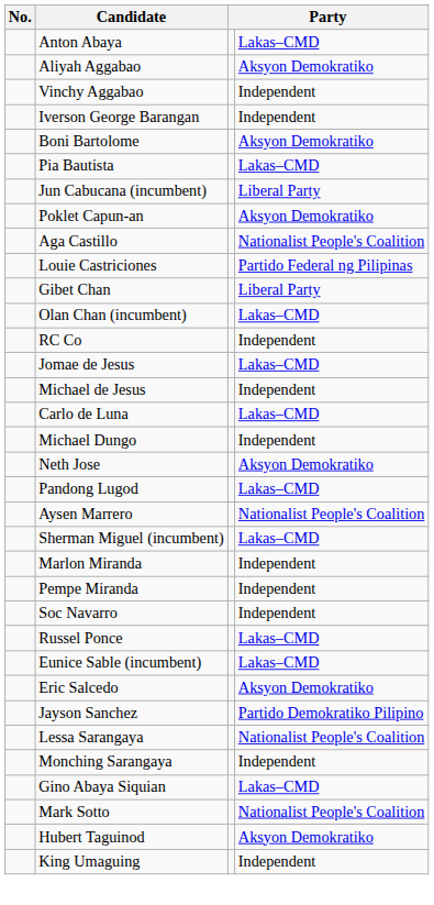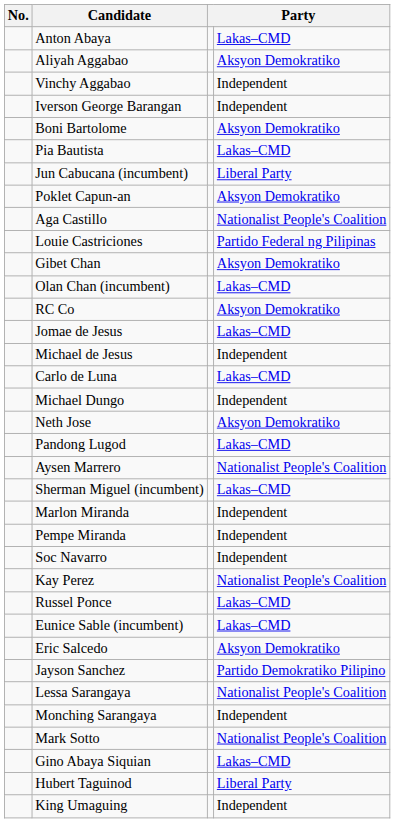 <table class="wikitable sortable" style="text-align:left;">
 <tr>
 <th>No.</th>
 <th>Candidate</th>
 <th colspan="2">Party</th>
 </tr>
 <tr>
 <td></td>
 <td>Anton Abaya</td>
 <td></td>
 <td><a href='#'>Lakas–CMD</a></td>
 </tr>
 <tr>
 <td></td>
 <td>Aliyah Aggabao</td>
 <td></td>
 <td><a href='#'>Aksyon Demokratiko</a></td>
 </tr>
 <tr>
 <td></td>
 <td>Vinchy Aggabao</td>
 <td></td>
 <td>Independent</td>
 </tr>
 <tr>
 <td></td>
 <td>Iverson George Barangan</td>
 <td></td>
 <td>Independent</td>
 </tr>
 <tr>
 <td></td>
 <td>Boni Bartolome</td>
 <td></td>
 <td><a href='#'>Aksyon Demokratiko</a></td>
 </tr>
 <tr>
 <td></td>
 <td>Pia Bautista</td>
 <td></td>
 <td><a href='#'>Lakas–CMD</a></td>
 </tr>
 <tr>
 <td></td>
 <td>Jun Cabucana (incumbent)</td>
 <td></td>
 <td><a href='#'>Liberal Party</a></td>
 </tr>
 <tr>
 <td></td>
 <td>Poklet Capun-an</td>
 <td></td>
 <td><a href='#'>Aksyon Demokratiko</a></td>
 </tr>
 <tr>
 <td></td>
 <td>Aga Castillo</td>
 <td></td>
 <td><a href='#'>Nationalist People's Coalition</a></td>
 </tr>
 <tr>
 <td></td>
 <td>Louie Castriciones</td>
 <td></td>
 <td><a href='#'>Partido Federal ng Pilipinas</a></td>
 </tr>
 <tr>
 <td></td>
 <td>Gibet Chan</td>
 <td></td>
-<td><a href='#'>Liberal Party</a></td>
+<td><a href='#'>Aksyon Demokratiko</a></td>
 </tr>
 <tr>
 <td></td>
 <td>Olan Chan (incumbent)</td>
 <td></td>
 <td><a href='#'>Lakas–CMD</a></td>
 </tr>
 <tr>
 <td></td>
 <td>RC Co</td>
 <td></td>
-<td>Independent</td>
+<td><a href='#'>Aksyon Demokratiko</a></td>
 </tr>
 <tr>
 <td></td>
 <td>Jomae de Jesus</td>
 <td></td>
 <td><a href='#'>Lakas–CMD</a></td>
 </tr>
 <tr>
 <td></td>
 <td>Michael de Jesus</td>
 <td></td>
 <td>Independent</td>
 </tr>
 <tr>
 <td></td>
 <td>Carlo de Luna</td>
 <td></td>
 <td><a href='#'>Lakas–CMD</a></td>
 </tr>
 <tr>
 <td></td>
 <td>Michael Dungo</td>
 <td></td>
 <td>Independent</td>
 </tr>
 <tr>
 <td></td>
 <td>Neth Jose</td>
 <td></td>
 <td><a href='#'>Aksyon Demokratiko</a></td>
 </tr>
 <tr>
 <td></td>
 <td>Pandong Lugod</td>
 <td></td>
 <td><a href='#'>Lakas–CMD</a></td>
 </tr>
 <tr>
 <td></td>
 <td>Aysen Marrero</td>
 <td></td>
 <td><a href='#'>Nationalist People's Coalition</a></td>
 </tr>
 <tr>
 <td></td>
 <td>Sherman Miguel (incumbent)</td>
 <td></td>
 <td><a href='#'>Lakas–CMD</a></td>
 </tr>
 <tr>
 <td></td>
 <td>Marlon Miranda</td>
 <td></td>
 <td>Independent</td>
 </tr>
 <tr>
 <td></td>
 <td>Pempe Miranda</td>
 <td></td>
 <td>Independent</td>
 </tr>
 <tr>
 <td></td>
 <td>Soc Navarro</td>
 <td></td>
 <td>Independent</td>
 </tr>
 <tr>
 <td></td>
+<td>Kay Perez</td>
+<td></td>
+<td><a href='#'>Nationalist People's Coalition</a></td>
+</tr>
+<tr>
+<td></td>
 <td>Russel Ponce</td>
 <td></td>
 <td><a href='#'>Lakas–CMD</a></td>
 </tr>
 <tr>
 <td></td>
 <td>Eunice Sable (incumbent)</td>
 <td></td>
 <td><a href='#'>Lakas–CMD</a></td>
 </tr>
 <tr>
 <td></td>
 <td>Eric Salcedo</td>
 <td></td>
 <td><a href='#'>Aksyon Demokratiko</a></td>
 </tr>
 <tr>
 <td></td>
 <td>Jayson Sanchez</td>
 <td></td>
 <td><a href='#'>Partido Demokratiko Pilipino</a></td>
 </tr>
 <tr>
 <td></td>
 <td>Lessa Sarangaya</td>
 <td></td>
 <td><a href='#'>Nationalist People's Coalition</a></td>
 </tr>
 <tr>
 <td></td>
 <td>Monching Sarangaya</td>
 <td></td>
 <td>Independent</td>
 </tr>
 <tr>
 <td></td>
+<td>Mark Sotto</td>
+<td></td>
+<td><a href='#'>Nationalist People's Coalition</a></td>
+</tr>
+<tr>
+<td></td>
 <td>Gino Abaya Siquian</td>
 <td></td>
 <td><a href='#'>Lakas–CMD</a></td>
 </tr>
 <tr>
 <td></td>
-<td>Mark Sotto</td>
-<td></td>
-<td><a href='#'>Nationalist People's Coalition</a></td>
-</tr>
-<tr>
-<td></td>
 <td>Hubert Taguinod</td>
 <td></td>
-<td><a href='#'>Aksyon Demokratiko</a></td>
+<td><a href='#'>Liberal Party</a></td>
 </tr>
 <tr>
 <td></td>
 <td>King Umaguing</td>
 <td></td>
 <td>Independent</td>
 </tr>
 </table>
